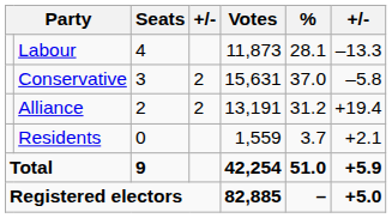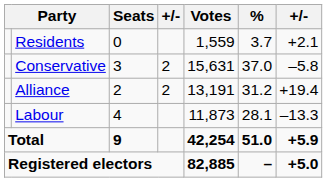 <table class="wikitable sortable">
 <tr>
 <th colspan="2">Party</th>
 <th>Seats</th>
 <th>+/-</th>
 <th>Votes</th>
 <th>%</th>
 <th>+/-</th>
 </tr>
 <tr>
 <td style="background-color: "></td>
-<td><a href='#'>Labour</a></td>
-<td>4</td>
+<td><a href='#'>Residents</a></td>
+<td>0</td>
 <td></td>
-<td style="text-align:right;">11,873</td>
-<td style="text-align:right;">28.1</td>
-<td style="text-align:right;">–13.3</td>
+<td style="text-align:right;">1,559</td>
+<td style="text-align:right;">3.7</td>
+<td style="text-align:right;">+2.1</td>
 </tr>
 <tr>
 <td style="background-color: "></td>
 <td><a href='#'>Conservative</a></td>
 <td>3</td>
 <td> 2</td>
 <td style="text-align:right;">15,631</td>
 <td style="text-align:right;">37.0</td>
 <td style="text-align:right;">–5.8</td>
 </tr>
 <tr>
 <td style="background-color: "></td>
 <td><a href='#'>Alliance</a></td>
 <td>2</td>
 <td> 2</td>
 <td style="text-align:right;">13,191</td>
 <td style="text-align:right;">31.2</td>
 <td style="text-align:right;">+19.4</td>
 </tr>
 <tr>
 <td style="background-color: "></td>
-<td><a href='#'>Residents</a></td>
-<td>0</td>
+<td><a href='#'>Labour</a></td>
+<td>4</td>
 <td></td>
-<td style="text-align:right;">1,559</td>
-<td style="text-align:right;">3.7</td>
-<td style="text-align:right;">+2.1</td>
+<td style="text-align:right;">11,873</td>
+<td style="text-align:right;">28.1</td>
+<td style="text-align:right;">–13.3</td>
 </tr>
 <tr>
 <td colspan="2"><strong>Total</strong></td>
 <td><strong>9</strong></td>
 <td></td>
 <td style="text-align:right;"><strong>42,254</strong></td>
 <td style="text-align:right;"><strong>51.0</strong></td>
 <td style="text-align:right;"><strong>+5.9</strong></td>
 </tr>
 <tr>
 <td colspan="4"><strong>Registered electors</strong></td>
 <td style="text-align:right;"><strong>82,885</strong></td>
 <td style="text-align:right;"><strong>–</strong></td>
 <td style="text-align:right;"><strong>+5.0</strong></td>
 </tr>
 </table>
